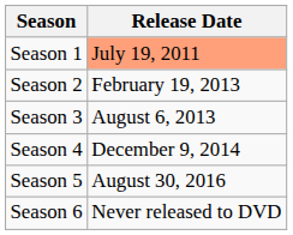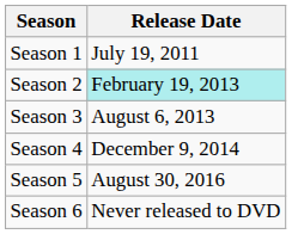 <table class="wikitable">
 <tr>
 <th>Season</th>
 <th>Release Date</th>
 </tr>
 <tr>
 <td>Season 1</td>
-<td style="background: lightsalmon;">July 19, 2011</td>
+<td>July 19, 2011</td>
 </tr>
 <tr>
 <td>Season 2</td>
-<td>February 19, 2013</td>
+<td style="background: paleturquoise;">February 19, 2013</td>
 </tr>
 <tr>
 <td>Season 3</td>
 <td>August 6, 2013</td>
 </tr>
 <tr>
 <td>Season 4</td>
 <td>December 9, 2014</td>
 </tr>
 <tr>
 <td>Season 5</td>
 <td>August 30, 2016</td>
 </tr>
 <tr>
 <td>Season 6</td>
 <td>Never released to DVD</td>
 </tr>
 </table>
